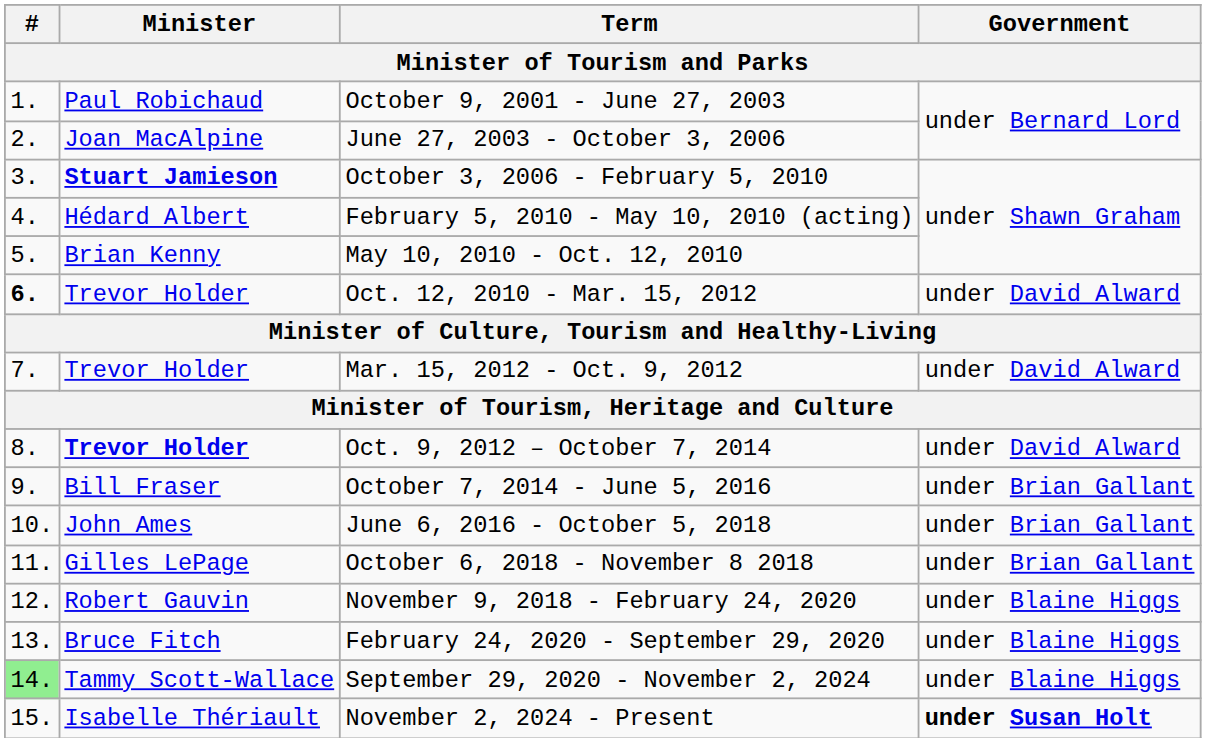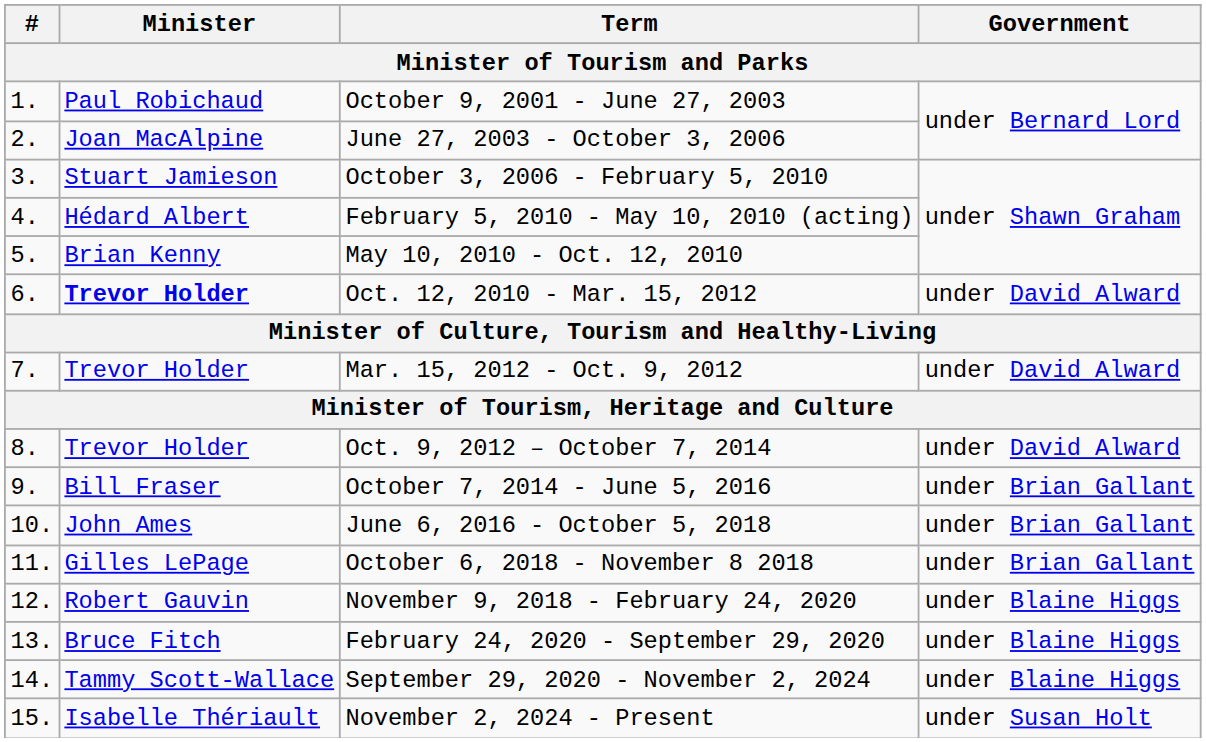 <table class="wikitable">
 <tr>
 <th>#</th>
 <th>Minister</th>
 <th>Term</th>
 <th>Government</th>
 </tr>
 <tr>
 <th colspan=4>Minister of Tourism and Parks</th>
 </tr>
 <tr>
 <td>1.</td>
 <td><a href='#'>Paul Robichaud</a></td>
 <td>October 9, 2001 - June 27, 2003</td>
 <td rowspan=2>under <a href='#'>Bernard Lord</a></td>
 </tr>
 <tr>
 <td>2.</td>
 <td><a href='#'>Joan MacAlpine</a></td>
 <td>June 27, 2003 - October 3, 2006</td>
 </tr>
 <tr>
 <td>3.</td>
-<td><strong><a href='#'>Stuart Jamieson</a></strong></td>
+<td><a href='#'>Stuart Jamieson</a></td>
 <td>October 3, 2006 - February 5, 2010</td>
 <td rowspan=3>under <a href='#'>Shawn Graham</a></td>
 </tr>
 <tr>
 <td>4.</td>
 <td><a href='#'>Hédard Albert</a></td>
 <td>February 5, 2010 - May 10, 2010 (acting)</td>
 </tr>
 <tr>
 <td>5.</td>
 <td><a href='#'>Brian Kenny</a></td>
 <td>May 10, 2010 - Oct. 12, 2010</td>
 </tr>
 <tr>
-<td><strong>6.</strong></td>
-<td><a href='#'>Trevor Holder</a></td>
+<td>6.</td>
+<td><strong><a href='#'>Trevor Holder</a></strong></td>
 <td>Oct. 12, 2010 - Mar. 15, 2012</td>
 <td>under <a href='#'>David Alward</a></td>
 </tr>
 <tr>
 <th colspan=4>Minister of Culture, Tourism and Healthy-Living</th>
 </tr>
 <tr>
 <td>7.</td>
 <td><a href='#'>Trevor Holder</a></td>
 <td>Mar. 15, 2012 - Oct. 9, 2012</td>
 <td>under <a href='#'>David Alward</a></td>
 </tr>
 <tr>
 <th colspan=4>Minister of Tourism, Heritage and Culture</th>
 </tr>
 <tr>
 <td>8.</td>
-<td><strong><a href='#'>Trevor Holder</a></strong></td>
+<td><a href='#'>Trevor Holder</a></td>
 <td>Oct. 9, 2012 – October 7, 2014</td>
 <td>under <a href='#'>David Alward</a></td>
 </tr>
 <tr>
 <td>9.</td>
 <td><a href='#'>Bill Fraser</a></td>
 <td>October 7, 2014 - June 5, 2016</td>
 <td>under <a href='#'>Brian Gallant</a></td>
 </tr>
 <tr>
 <td>10.</td>
 <td><a href='#'>John Ames</a></td>
 <td>June 6, 2016 - October 5, 2018</td>
 <td>under <a href='#'>Brian Gallant</a></td>
 </tr>
 <tr>
 <td>11.</td>
 <td><a href='#'>Gilles LePage</a></td>
 <td>October 6, 2018 - November 8 2018</td>
 <td>under <a href='#'>Brian Gallant</a></td>
 </tr>
 <tr>
 <td>12.</td>
 <td><a href='#'>Robert Gauvin</a></td>
 <td>November 9, 2018 - February 24, 2020</td>
 <td>under <a href='#'>Blaine Higgs</a></td>
 </tr>
 <tr>
 <td>13.</td>
 <td><a href='#'>Bruce Fitch</a></td>
 <td>February 24, 2020 - September 29, 2020</td>
 <td>under <a href='#'>Blaine Higgs</a></td>
 </tr>
 <tr>
-<td style="background: lightgreen;">14.</td>
+<td>14.</td>
 <td><a href='#'>Tammy Scott-Wallace</a></td>
 <td>September 29, 2020 - November 2, 2024</td>
 <td>under <a href='#'>Blaine Higgs</a></td>
 </tr>
 <tr>
 <td>15.</td>
 <td><a href='#'>Isabelle Thériault</a></td>
 <td>November 2, 2024 - Present</td>
-<td><strong>under <a href='#'>Susan Holt</a></strong></td>
+<td>under <a href='#'>Susan Holt</a></td>
 </tr>
 </table>
